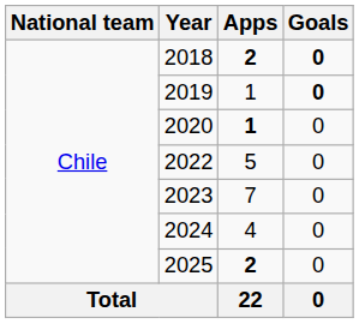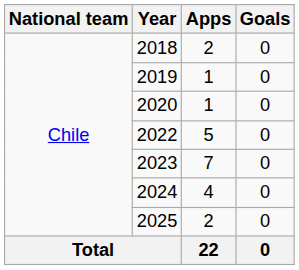 <table class="wikitable" style="text-align:center">
 <tr>
 <th>National team</th>
 <th>Year</th>
 <th>Apps</th>
 <th>Goals</th>
 </tr>
 <tr>
 <td rowspan=7><a href='#'>Chile</a></td>
 <td>2018</td>
-<td><strong>2</strong></td>
-<td><strong>0</strong></td>
+<td>2</td>
+<td>0</td>
 </tr>
 <tr>
 <td>2019</td>
 <td>1</td>
-<td><strong>0</strong></td>
+<td>0</td>
 </tr>
 <tr>
 <td>2020</td>
-<td><strong>1</strong></td>
+<td>1</td>
 <td>0</td>
 </tr>
 <tr>
 <td>2022</td>
 <td>5</td>
 <td>0</td>
 </tr>
 <tr>
 <td>2023</td>
 <td>7</td>
 <td>0</td>
 </tr>
 <tr>
 <td>2024</td>
 <td>4</td>
 <td>0</td>
 </tr>
 <tr>
 <td>2025</td>
-<td><strong>2</strong></td>
+<td>2</td>
 <td>0</td>
 </tr>
 <tr>
 <th colspan=2>Total</th>
 <th>22</th>
 <th>0</th>
 </tr>
 </table>
